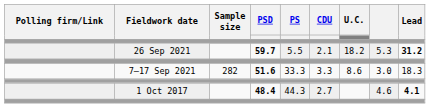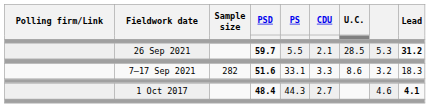 <table class="wikitable sortable mw-datatable" style="text-align:center;font-size:90%;line-height:16px;">
 <tr style="height:42px;">
 <th style="width:145px;" rowspan="2">Polling firm/Link</th>
 <th style="width:125px;" rowspan="2">Fieldwork date</th>
 <th class="unsortable" style="width:50px;" rowspan="2">Sample size</th>
 <th class="unsortable" style="width:35px;"><a href='#'>PSD</a></th>
 <th class="unsortable" style="width:35px;"><a href='#'>PS</a></th>
 <th class="unsortable" style="width:35px;"><a href='#'>CDU</a></th>
 <th class="unsortable" style="width:35px;">U.C.</th>
 <th class="unsortable" style="width:35px;" rowspan="2"></th>
 <th class="unsortable" style="width:30px;" rowspan="2">Lead</th>
 </tr>
 <tr>
 <th class="unsortable" style="color:inherit;background:"></th>
 <th class="unsortable" style="color:inherit;background:"></th>
 <th class="unsortable" style="color:inherit;background:"></th>
 <th class="unsortable" style="color:inherit;background:gray;"></th>
 </tr>
 <tr>
 <td colspan="17" style="background:#A0A0A0"></td>
 </tr>
 <tr>
 <td style="background:#EFEFEF;"><strong></strong></td>
 <td style="background:#EFEFEF;" data-sort-value="2019-10-06">26 Sep 2021</td>
 <td></td>
 <td><strong>59.7</strong><br></td>
 <td style="background:#EFEFEF;">5.5<br></td>
 <td style="background:#EFEFEF;">2.1<br></td>
-<td style="background:#EFEFEF;">18.2<br></td>
+<td style="background:#EFEFEF;">28.5<br></td>
 <td style="background:#EFEFEF;">5.3</td>
 <td style="background:"><strong>31.2</strong></td>
 </tr>
 <tr>
 <td colspan="17" style="background:#A0A0A0"></td>
 </tr>
 <tr>
 <td align="center"></td>
 <td align="center">7–17 Sep 2021</td>
 <td>282</td>
 <td align="center" ><strong>51.6</strong></td>
-<td align="center">33.3</td>
+<td align="center">33.1</td>
 <td align="center">3.3</td>
 <td align="center">8.6</td>
-<td align="center">3.0</td>
+<td align="center">3.2</td>
 <td style="background:">18.3</td>
 </tr>
 <tr>
 <td colspan="17" style="background:#A0A0A0"></td>
 </tr>
 <tr>
 <td style="background:#EFEFEF;"><strong></strong></td>
 <td style="background:#EFEFEF;" data-sort-value="2019-10-06">1 Oct 2017</td>
 <td></td>
 <td><strong>48.4</strong><br></td>
 <td style="background:#EFEFEF;">44.3<br></td>
 <td style="background:#EFEFEF;">2.7<br></td>
 <td></td>
 <td style="background:#EFEFEF;">4.6</td>
 <td style="background:"><strong>4.1</strong></td>
 </tr>
 <tr>
 <td colspan="17" style="background:#A0A0A0"></td>
 </tr>
 </table>
